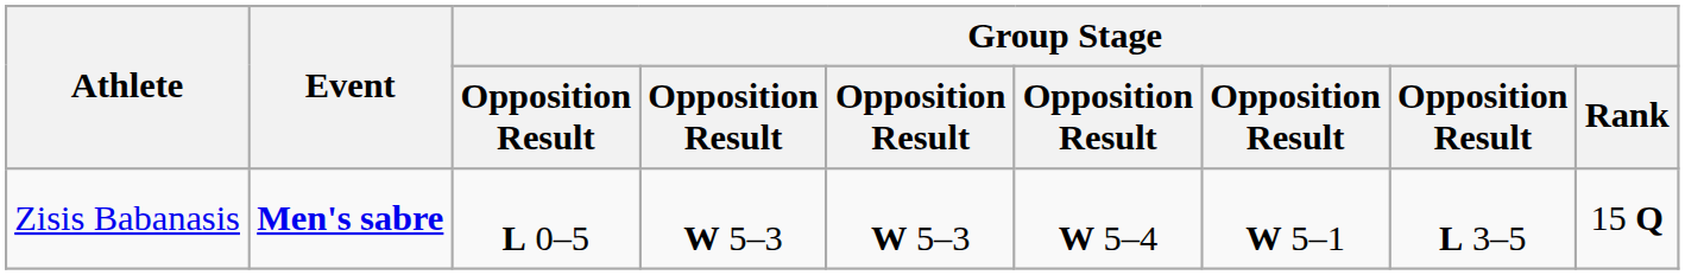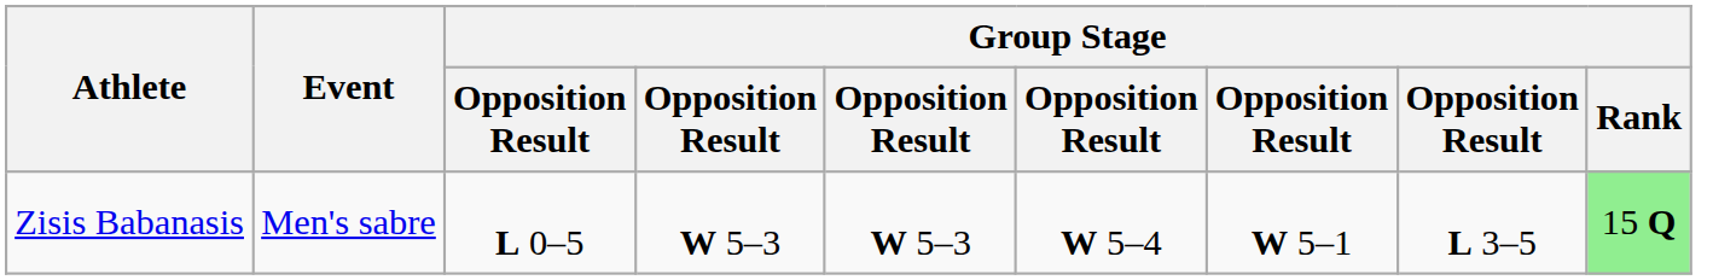 <table class=wikitable style="font-size:90%">
 <tr>
 <th rowspan="2">Athlete</th>
 <th rowspan="2">Event</th>
 <th colspan="7">Group Stage</th>
 </tr>
 <tr>
 <th>Opposition<br>Result</th>
 <th>Opposition<br>Result</th>
 <th>Opposition<br>Result</th>
 <th>Opposition<br>Result</th>
 <th>Opposition<br>Result</th>
 <th>Opposition<br>Result</th>
 <th>Rank</th>
 </tr>
 <tr align=center>
 <td align=left><a href='#'>Zisis Babanasis</a></td>
-<td align=left><strong><a href='#'>Men's sabre</a></strong></td>
+<td align=left><a href='#'>Men's sabre</a></td>
 <td><br><strong>L</strong> 0–5</td>
 <td><br><strong>W</strong> 5–3</td>
 <td><br><strong>W</strong> 5–3</td>
 <td><br><strong>W</strong> 5–4</td>
 <td><br><strong>W</strong> 5–1</td>
 <td><br><strong>L</strong> 3–5</td>
-<td>15 <strong>Q</strong></td>
+<td style="background: lightgreen;">15 <strong>Q</strong></td>
 </tr>
 </table>
